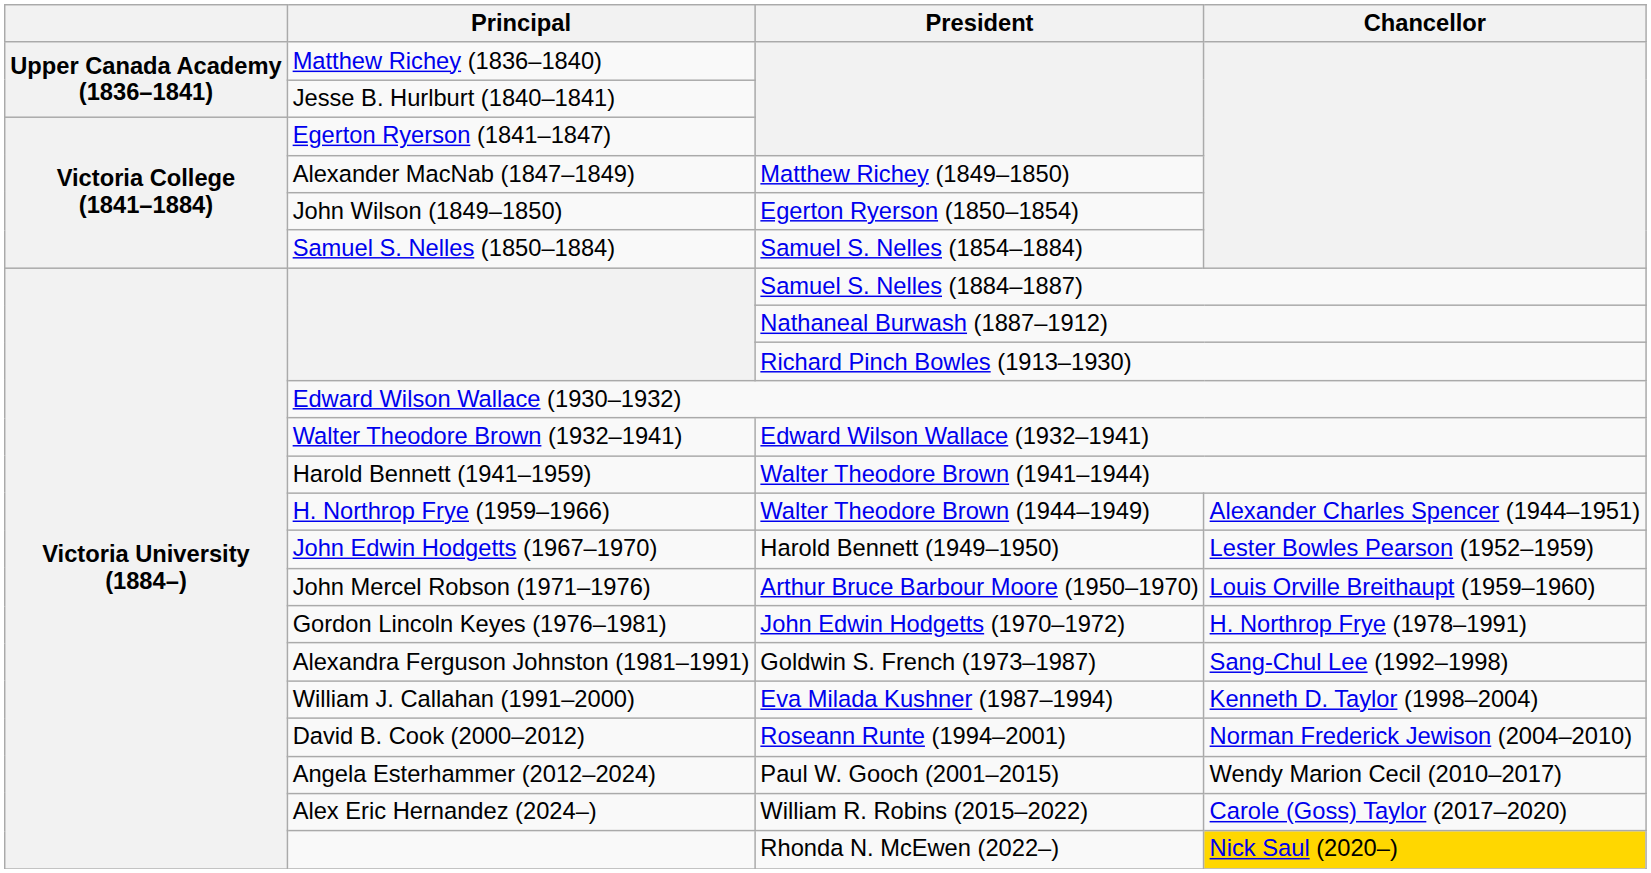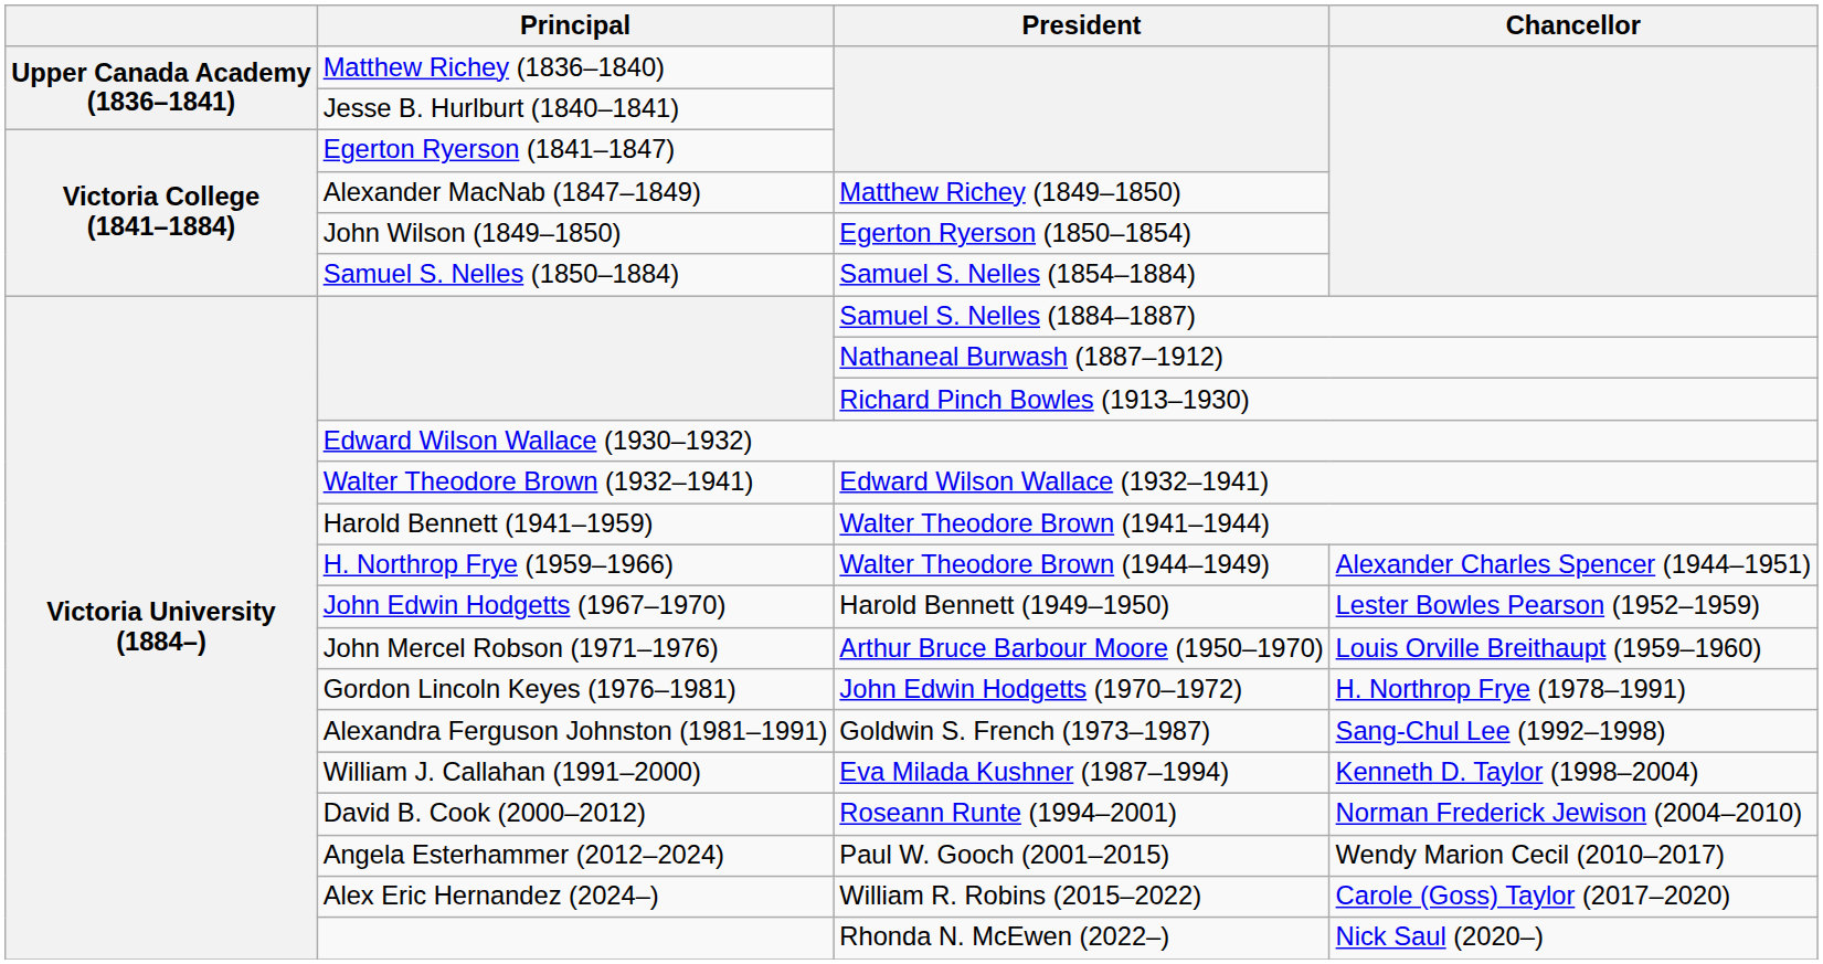 <table class="wikitable">
 <tr>
 <th></th>
 <th>Principal</th>
 <th>President</th>
 <th>Chancellor</th>
 </tr>
 <tr>
 <th rowspan="2">Upper Canada Academy<br>(1836–1841)</th>
 <td><a href='#'>Matthew Richey</a> (1836–1840)</td>
 <th rowspan="3"></th>
 <th rowspan="6"></th>
 </tr>
 <tr>
 <td>Jesse B. Hurlburt (1840–1841)</td>
 </tr>
 <tr>
 <th rowspan="4">Victoria College<br>(1841–1884)</th>
 <td><a href='#'>Egerton Ryerson</a> (1841–1847)</td>
 </tr>
 <tr>
 <td>Alexander MacNab (1847–1849)</td>
 <td><a href='#'>Matthew Richey</a> (1849–1850)</td>
 </tr>
 <tr>
 <td>John Wilson (1849–1850)</td>
 <td><a href='#'>Egerton Ryerson</a> (1850–1854)</td>
 </tr>
 <tr>
 <td><a href='#'>Samuel S. Nelles</a> (1850–1884)</td>
 <td><a href='#'>Samuel S. Nelles</a> (1854–1884)</td>
 </tr>
 <tr>
 <th rowspan="16">Victoria University<br>(1884–)</th>
 <th rowspan="3"></th>
 <td colspan="2"><a href='#'>Samuel S. Nelles</a> (1884–1887)</td>
 </tr>
 <tr>
 <td colspan="2"><a href='#'>Nathaneal Burwash</a> (1887–1912)</td>
 </tr>
 <tr>
 <td colspan="2"><a href='#'>Richard Pinch Bowles</a> (1913–1930)</td>
 </tr>
 <tr>
 <td colspan="3"><a href='#'>Edward Wilson Wallace</a> (1930–1932)</td>
 </tr>
 <tr>
 <td><a href='#'>Walter Theodore Brown</a> (1932–1941)</td>
 <td colspan="2"><a href='#'>Edward Wilson Wallace</a> (1932–1941)</td>
 </tr>
 <tr>
 <td>Harold Bennett (1941–1959)</td>
 <td colspan="2"><a href='#'>Walter Theodore Brown</a> (1941–1944)</td>
 </tr>
 <tr>
 <td><a href='#'>H. Northrop Frye</a> (1959–1966)</td>
 <td><a href='#'>Walter Theodore Brown</a> (1944–1949)</td>
 <td><a href='#'>Alexander Charles Spencer</a> (1944–1951)</td>
 </tr>
 <tr>
 <td><a href='#'>John Edwin Hodgetts</a> (1967–1970)</td>
 <td>Harold Bennett (1949–1950)</td>
 <td><a href='#'>Lester Bowles Pearson</a> (1952–1959)</td>
 </tr>
 <tr>
 <td>John Mercel Robson (1971–1976)</td>
 <td><a href='#'>Arthur Bruce Barbour Moore</a> (1950–1970)</td>
 <td><a href='#'>Louis Orville Breithaupt</a> (1959–1960)</td>
 </tr>
 <tr>
 <td>Gordon Lincoln Keyes (1976–1981)</td>
 <td><a href='#'>John Edwin Hodgetts</a> (1970–1972)</td>
 <td><a href='#'>H. Northrop Frye</a> (1978–1991)</td>
 </tr>
 <tr>
 <td>Alexandra Ferguson Johnston (1981–1991)</td>
 <td>Goldwin S. French (1973–1987)</td>
 <td><a href='#'>Sang-Chul Lee</a> (1992–1998)</td>
 </tr>
 <tr>
 <td>William J. Callahan (1991–2000)</td>
 <td><a href='#'>Eva Milada Kushner</a> (1987–1994)</td>
 <td><a href='#'>Kenneth D. Taylor</a> (1998–2004)</td>
 </tr>
 <tr>
 <td>David B. Cook (2000–2012)</td>
 <td><a href='#'>Roseann Runte</a> (1994–2001)</td>
 <td><a href='#'>Norman Frederick Jewison</a> (2004–2010)</td>
 </tr>
 <tr>
 <td>Angela Esterhammer (2012–2024)</td>
 <td>Paul W. Gooch (2001–2015)</td>
 <td>Wendy Marion Cecil (2010–2017)</td>
 </tr>
 <tr>
 <td>Alex Eric Hernandez (2024–)</td>
 <td>William R. Robins (2015–2022)</td>
 <td><a href='#'>Carole (Goss) Taylor</a> (2017–2020)</td>
 </tr>
 <tr>
 <td></td>
 <td>Rhonda N. McEwen (2022–)</td>
-<td style="background: gold;"><a href='#'>Nick Saul</a> (2020–)</td>
+<td><a href='#'>Nick Saul</a> (2020–)</td>
 </tr>
 </table>
